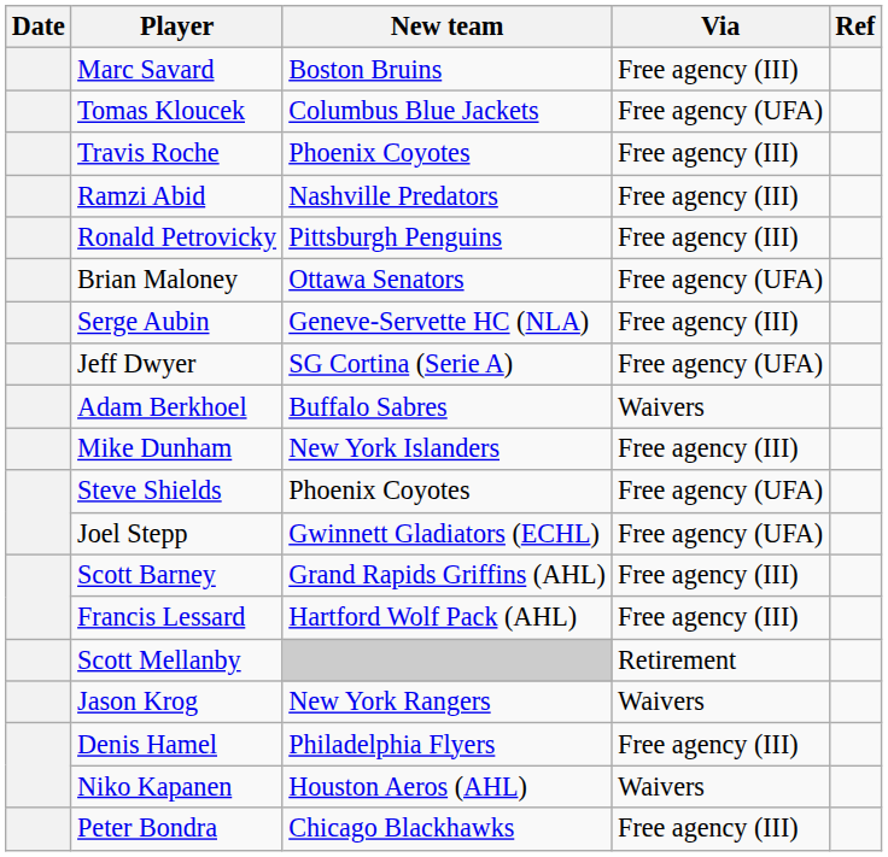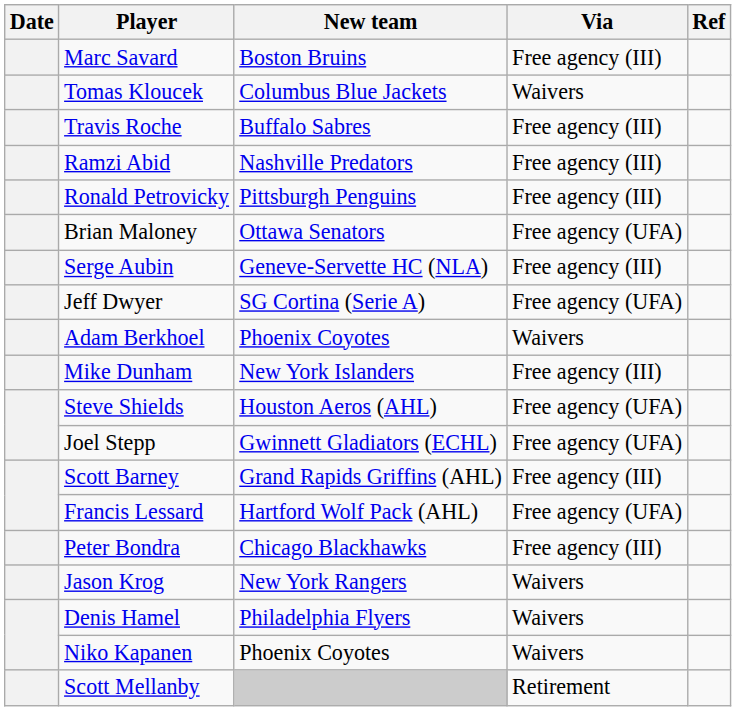 <table class="wikitable plainrowheaders">
 <tr style="background:#ddd; text-align:center;">
 <th>Date</th>
 <th>Player</th>
 <th>New team</th>
 <th>Via</th>
 <th>Ref</th>
 </tr>
 <tr>
 <th scope="row"></th>
 <td><a href='#'>Marc Savard</a></td>
 <td><a href='#'>Boston Bruins</a></td>
 <td>Free agency (III)</td>
 <td></td>
 </tr>
 <tr>
 <th scope="row"></th>
 <td><a href='#'>Tomas Kloucek</a></td>
 <td><a href='#'>Columbus Blue Jackets</a></td>
-<td>Free agency (UFA)</td>
+<td>Waivers</td>
 <td></td>
 </tr>
 <tr>
 <th scope="row"></th>
 <td><a href='#'>Travis Roche</a></td>
-<td><a href='#'>Phoenix Coyotes</a></td>
+<td><a href='#'>Buffalo Sabres</a></td>
 <td>Free agency (III)</td>
 <td></td>
 </tr>
 <tr>
 <th scope="row"></th>
 <td><a href='#'>Ramzi Abid</a></td>
 <td><a href='#'>Nashville Predators</a></td>
 <td>Free agency (III)</td>
 <td></td>
 </tr>
 <tr>
 <th scope="row"></th>
 <td><a href='#'>Ronald Petrovicky</a></td>
 <td><a href='#'>Pittsburgh Penguins</a></td>
 <td>Free agency (III)</td>
 <td></td>
 </tr>
 <tr>
 <th scope="row"></th>
 <td>Brian Maloney</td>
 <td><a href='#'>Ottawa Senators</a></td>
 <td>Free agency (UFA)</td>
 <td></td>
 </tr>
 <tr>
 <th scope="row"></th>
 <td><a href='#'>Serge Aubin</a></td>
 <td><a href='#'>Geneve-Servette HC</a> (<a href='#'>NLA</a>)</td>
 <td>Free agency (III)</td>
 <td></td>
 </tr>
 <tr>
 <th scope="row"></th>
 <td>Jeff Dwyer</td>
 <td><a href='#'>SG Cortina</a> (<a href='#'>Serie A</a>)</td>
 <td>Free agency (UFA)</td>
 <td></td>
 </tr>
 <tr>
 <th scope="row"></th>
 <td><a href='#'>Adam Berkhoel</a></td>
-<td><a href='#'>Buffalo Sabres</a></td>
+<td><a href='#'>Phoenix Coyotes</a></td>
 <td>Waivers</td>
 <td></td>
 </tr>
 <tr>
 <th scope="row"></th>
 <td><a href='#'>Mike Dunham</a></td>
 <td><a href='#'>New York Islanders</a></td>
 <td>Free agency (III)</td>
 <td></td>
 </tr>
 <tr>
 <th scope="row" rowspan=2></th>
 <td><a href='#'>Steve Shields</a></td>
-<td>Phoenix Coyotes</td>
+<td><a href='#'>Houston Aeros</a> (<a href='#'>AHL</a>)</td>
 <td>Free agency (UFA)</td>
 <td></td>
 </tr>
 <tr>
 <td>Joel Stepp</td>
 <td><a href='#'>Gwinnett Gladiators</a> (<a href='#'>ECHL</a>)</td>
 <td>Free agency (UFA)</td>
 <td></td>
 </tr>
 <tr>
 <th scope="row" rowspan=2></th>
 <td><a href='#'>Scott Barney</a></td>
 <td><a href='#'>Grand Rapids Griffins</a> (AHL)</td>
 <td>Free agency (III)</td>
 <td></td>
 </tr>
 <tr>
 <td><a href='#'>Francis Lessard</a></td>
 <td><a href='#'>Hartford Wolf Pack</a> (AHL)</td>
-<td>Free agency (III)</td>
+<td>Free agency (UFA)</td>
 <td></td>
 </tr>
 <tr>
 <th scope="row"></th>
-<td><a href='#'>Scott Mellanby</a></td>
-<td style="background:#ccc"></td>
-<td>Retirement</td>
+<td><a href='#'>Peter Bondra</a></td>
+<td><a href='#'>Chicago Blackhawks</a></td>
+<td>Free agency (III)</td>
 <td></td>
 </tr>
 <tr>
 <th scope="row"></th>
 <td><a href='#'>Jason Krog</a></td>
 <td><a href='#'>New York Rangers</a></td>
 <td>Waivers</td>
 <td></td>
 </tr>
 <tr>
 <th scope="row" rowspan=2></th>
 <td><a href='#'>Denis Hamel</a></td>
 <td><a href='#'>Philadelphia Flyers</a></td>
-<td>Free agency (III)</td>
+<td>Waivers</td>
 <td></td>
 </tr>
 <tr>
 <td><a href='#'>Niko Kapanen</a></td>
-<td><a href='#'>Houston Aeros</a> (<a href='#'>AHL</a>)</td>
+<td>Phoenix Coyotes</td>
 <td>Waivers</td>
 <td></td>
 </tr>
 <tr>
 <th scope="row"></th>
-<td><a href='#'>Peter Bondra</a></td>
-<td><a href='#'>Chicago Blackhawks</a></td>
-<td>Free agency (III)</td>
+<td><a href='#'>Scott Mellanby</a></td>
+<td style="background:#ccc"></td>
+<td>Retirement</td>
 <td></td>
 </tr>
 </table>
